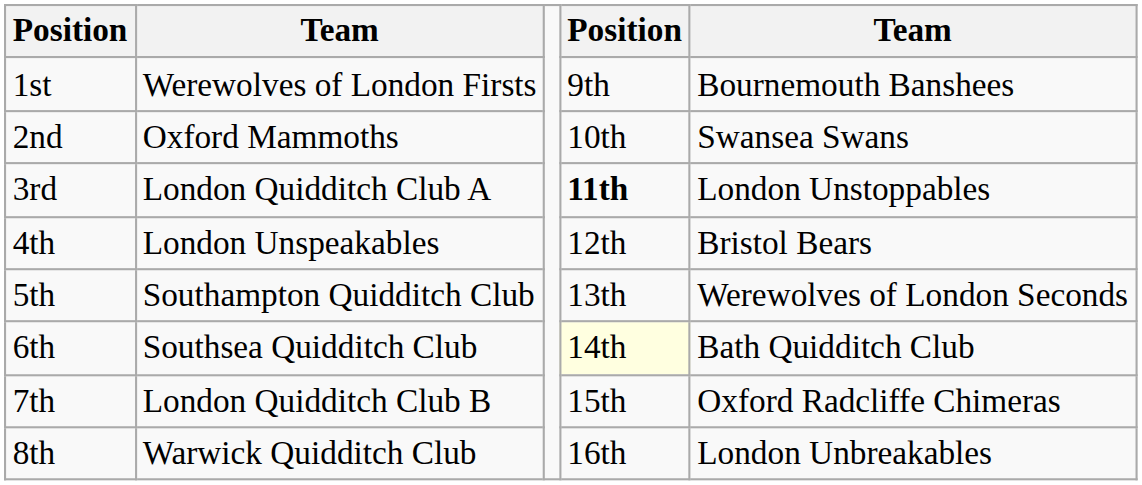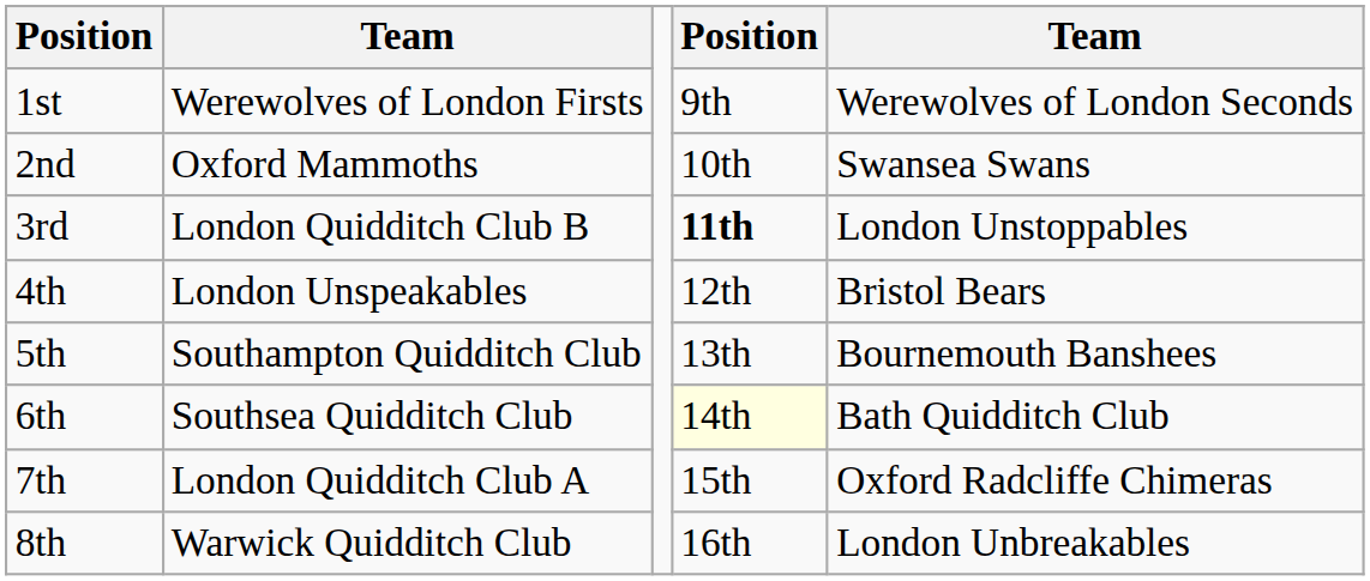 <table class="wikitable">
 <tr>
 <th>Position</th>
 <th>Team</th>
 <td rowspan="9"></td>
 <th>Position</th>
 <th>Team</th>
 </tr>
 <tr>
 <td>1st</td>
 <td>Werewolves of London Firsts</td>
 <td>9th</td>
-<td>Bournemouth Banshees</td>
+<td>Werewolves of London Seconds</td>
 </tr>
 <tr>
 <td>2nd</td>
 <td>Oxford Mammoths</td>
 <td>10th</td>
 <td>Swansea Swans</td>
 </tr>
 <tr>
 <td>3rd</td>
-<td>London Quidditch Club A</td>
+<td>London Quidditch Club B</td>
 <td><strong>11th</strong></td>
 <td>London Unstoppables</td>
 </tr>
 <tr>
 <td>4th</td>
 <td>London Unspeakables</td>
 <td>12th</td>
 <td>Bristol Bears</td>
 </tr>
 <tr>
 <td>5th</td>
 <td>Southampton Quidditch Club</td>
 <td>13th</td>
-<td>Werewolves of London Seconds</td>
+<td>Bournemouth Banshees</td>
 </tr>
 <tr>
 <td>6th</td>
 <td>Southsea Quidditch Club</td>
 <td style="background: lightyellow;">14th</td>
 <td>Bath Quidditch Club</td>
 </tr>
 <tr>
 <td>7th</td>
-<td>London Quidditch Club B</td>
+<td>London Quidditch Club A</td>
 <td>15th</td>
 <td>Oxford Radcliffe Chimeras</td>
 </tr>
 <tr>
 <td>8th</td>
 <td>Warwick Quidditch Club</td>
 <td>16th</td>
 <td>London Unbreakables</td>
 </tr>
 </table>
